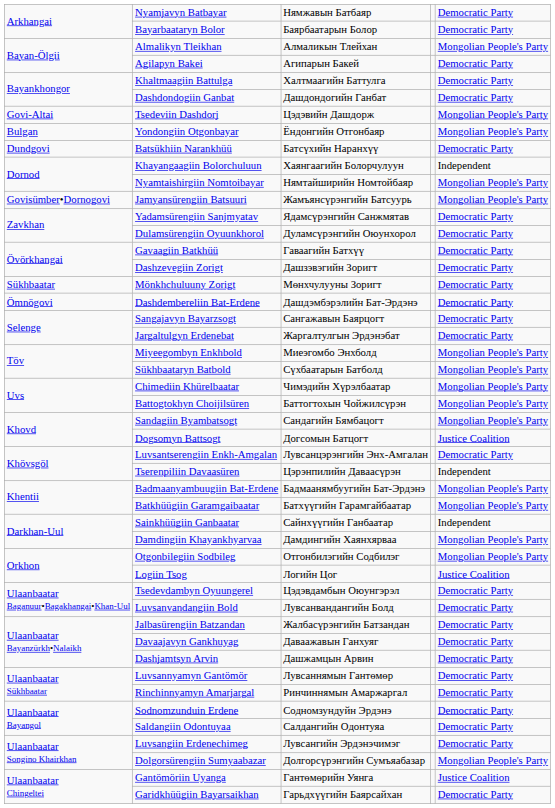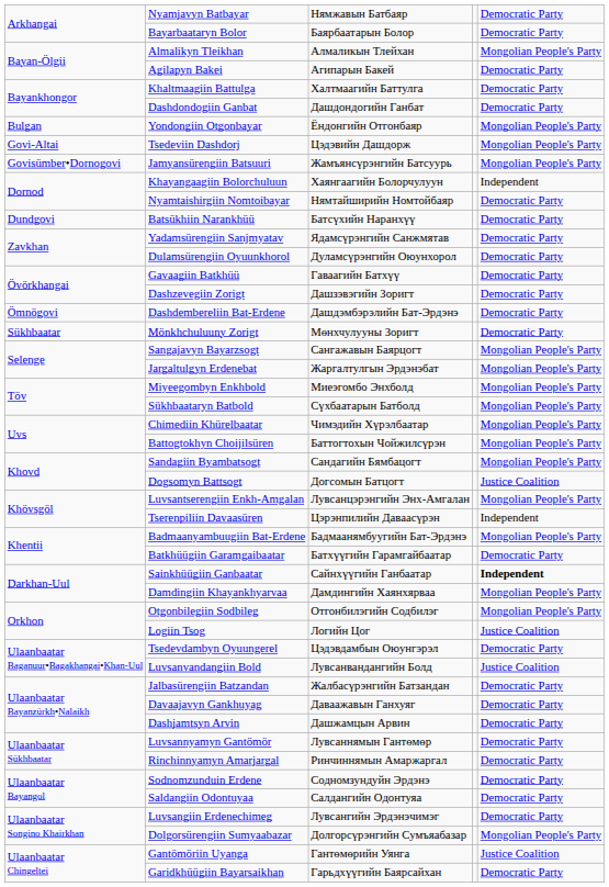 <table class="wikitable">
 <tr>
 <td rowspan=2><a href='#'>Arkhangai</a></td>
 <td><a href='#'>Nyamjavyn Batbayar</a></td>
 <td>Нямжавын Батбаяр</td>
 <td style="background-color: "></td>
 <td><a href='#'>Democratic Party</a></td>
 </tr>
 <tr>
 <td><a href='#'>Bayarbaataryn Bolor</a></td>
 <td>Баярбаатарын Болор</td>
 <td style="background-color: "></td>
 <td><a href='#'>Democratic Party</a></td>
 </tr>
 <tr>
 <td rowspan=2><a href='#'>Bayan-Ölgii</a></td>
 <td><a href='#'>Almalikyn Tleikhan</a></td>
 <td>Алмаликын Тлейхан</td>
 <td style="background-color: "></td>
 <td><a href='#'>Mongolian People's Party</a></td>
 </tr>
 <tr>
 <td><a href='#'>Agilapyn Bakei</a></td>
 <td>Агипарын Бакей</td>
 <td style="background-color: "></td>
 <td><a href='#'>Democratic Party</a></td>
 </tr>
 <tr>
 <td rowspan=2><a href='#'>Bayankhongor</a></td>
 <td><a href='#'>Khaltmaagiin Battulga</a></td>
 <td>Халтмаагийн Баттулга</td>
 <td style="background-color: "></td>
 <td><a href='#'>Democratic Party</a></td>
 </tr>
 <tr>
 <td><a href='#'>Dashdondogiin Ganbat</a></td>
 <td>Дашдондогийн Ганбат</td>
 <td style="background-color: "></td>
 <td><a href='#'>Democratic Party</a></td>
 </tr>
 <tr>
+<td rowspan=1><a href='#'>Bulgan</a></td>
+<td><a href='#'>Yondongiin Otgonbayar</a></td>
+<td>Ёндонгийн Отгонбаяр</td>
+<td style="background-color: "></td>
+<td><a href='#'>Mongolian People's Party</a></td>
+</tr>
+<tr>
 <td rowspan=1><a href='#'>Govi-Altai</a></td>
 <td><a href='#'>Tsedeviin Dashdorj</a></td>
 <td>Цэдэвийн Дашдорж</td>
 <td style="background-color: "></td>
 <td><a href='#'>Mongolian People's Party</a></td>
 </tr>
 <tr>
-<td rowspan=1><a href='#'>Bulgan</a></td>
-<td><a href='#'>Yondongiin Otgonbayar</a></td>
-<td>Ёндонгийн Отгонбаяр</td>
+<td rowspan=1><a href='#'>Govisümber</a>•<a href='#'>Dornogovi</a></td>
+<td><a href='#'>Jamyansürengiin Batsuuri</a></td>
+<td>Жамъянсүрэнгийн Батсуурь</td>
 <td style="background-color: "></td>
 <td><a href='#'>Mongolian People's Party</a></td>
-</tr>
-<tr>
-<td rowspan=1><a href='#'>Dundgovi</a></td>
-<td><a href='#'>Batsükhiin Narankhüü</a></td>
-<td>Батсүхийн Наранхүү</td>
-<td style="background-color: "></td>
-<td><a href='#'>Democratic Party</a></td>
 </tr>
 <tr>
 <td rowspan=2><a href='#'>Dornod</a></td>
 <td><a href='#'>Khayangaagiin Bolorchuluun</a></td>
 <td>Хаянгаагийн Болорчулуун</td>
 <td style="background-color: "></td>
 <td>Independent</td>
 </tr>
 <tr>
 <td><a href='#'>Nyamtaishirgiin Nomtoibayar</a></td>
 <td>Нямтайширийн Номтойбаяр</td>
 <td style="background-color: "></td>
-<td><a href='#'>Mongolian People's Party</a></td>
+<td><a href='#'>Democratic Party</a></td>
 </tr>
 <tr>
-<td rowspan=1><a href='#'>Govisümber</a>•<a href='#'>Dornogovi</a></td>
-<td><a href='#'>Jamyansürengiin Batsuuri</a></td>
-<td>Жамъянсүрэнгийн Батсуурь</td>
+<td rowspan=1><a href='#'>Dundgovi</a></td>
+<td><a href='#'>Batsükhiin Narankhüü</a></td>
+<td>Батсүхийн Наранхүү</td>
 <td style="background-color: "></td>
-<td><a href='#'>Mongolian People's Party</a></td>
+<td><a href='#'>Democratic Party</a></td>
 </tr>
 <tr>
 <td rowspan=2><a href='#'>Zavkhan</a></td>
 <td><a href='#'>Yadamsürengiin Sanjmyatav</a></td>
 <td>Ядамсүрэнгийн Санжмятав</td>
 <td style="background-color: "></td>
 <td><a href='#'>Democratic Party</a></td>
 </tr>
 <tr>
 <td><a href='#'>Dulamsürengiin Oyuunkhorol</a></td>
 <td>Дуламсүрэнгийн Оюунхорол</td>
 <td style="background-color: "></td>
 <td><a href='#'>Democratic Party</a></td>
 </tr>
 <tr>
 <td rowspan=2><a href='#'>Övörkhangai</a></td>
 <td><a href='#'>Gavaagiin Batkhüü</a></td>
 <td>Гаваагийн Батхүү</td>
 <td style="background-color: "></td>
 <td><a href='#'>Democratic Party</a></td>
 </tr>
 <tr>
 <td><a href='#'>Dashzevegiin Zorigt</a></td>
 <td>Дашзэвэгийн Зоригт</td>
 <td style="background-color: "></td>
 <td><a href='#'>Democratic Party</a></td>
 </tr>
 <tr>
-<td rowspan=1><a href='#'>Sükhbaatar</a></td>
-<td><a href='#'>Mönkhchuluuny Zorigt</a></td>
-<td>Мөнхчулууны Зоригт</td>
+<td rowspan=1><a href='#'>Ömnögovi</a></td>
+<td><a href='#'>Dashdembereliin Bat-Erdene</a></td>
+<td>Дашдэмбэрэлийн Бат-Эрдэнэ</td>
 <td style="background-color: "></td>
 <td><a href='#'>Democratic Party</a></td>
 </tr>
 <tr>
-<td rowspan=1><a href='#'>Ömnögovi</a></td>
-<td><a href='#'>Dashdembereliin Bat-Erdene</a></td>
-<td>Дашдэмбэрэлийн Бат-Эрдэнэ</td>
+<td rowspan=1><a href='#'>Sükhbaatar</a></td>
+<td><a href='#'>Mönkhchuluuny Zorigt</a></td>
+<td>Мөнхчулууны Зоригт</td>
 <td style="background-color: "></td>
 <td><a href='#'>Democratic Party</a></td>
 </tr>
 <tr>
 <td rowspan=2><a href='#'>Selenge</a></td>
 <td><a href='#'>Sangajavyn Bayarzsogt</a></td>
 <td>Сангажавын Баярцогт</td>
 <td style="background-color: "></td>
-<td><a href='#'>Democratic Party</a></td>
+<td><a href='#'>Mongolian People's Party</a></td>
 </tr>
 <tr>
 <td><a href='#'>Jargaltulgyn Erdenebat</a></td>
 <td>Жаргалтулгын Эрдэнэбат</td>
 <td style="background-color: "></td>
-<td><a href='#'>Democratic Party</a></td>
+<td><a href='#'>Mongolian People's Party</a></td>
 </tr>
 <tr>
 <td rowspan=2><a href='#'>Töv</a></td>
 <td><a href='#'>Miyeegombyn Enkhbold</a></td>
 <td>Миеэгомбо Энхболд</td>
 <td style="background-color: "></td>
 <td><a href='#'>Mongolian People's Party</a></td>
 </tr>
 <tr>
 <td><a href='#'>Sükhbaataryn Batbold</a></td>
 <td>Сүхбаатарын Батболд</td>
 <td style="background-color: "></td>
 <td><a href='#'>Mongolian People's Party</a></td>
 </tr>
 <tr>
 <td rowspan=2><a href='#'>Uvs</a></td>
 <td><a href='#'>Chimediin Khürelbaatar</a></td>
 <td>Чимэдийн Хүрэлбаатар</td>
 <td style="background-color: "></td>
 <td><a href='#'>Mongolian People's Party</a></td>
 </tr>
 <tr>
 <td><a href='#'>Battogtokhyn Choijilsüren</a></td>
 <td>Баттогтохын Чойжилсүрэн</td>
 <td style="background-color: "></td>
 <td><a href='#'>Mongolian People's Party</a></td>
 </tr>
 <tr>
 <td rowspan=2><a href='#'>Khovd</a></td>
 <td><a href='#'>Sandagiin Byambatsogt</a></td>
 <td>Сандагийн Бямбацогт</td>
 <td style="background-color: "></td>
 <td><a href='#'>Mongolian People's Party</a></td>
 </tr>
 <tr>
 <td><a href='#'>Dogsomyn Battsogt</a></td>
 <td>Догсомын Батцогт</td>
 <td style="background-color: "></td>
 <td><a href='#'>Justice Coalition</a></td>
 </tr>
 <tr>
 <td rowspan=2><a href='#'>Khövsgöl</a></td>
 <td><a href='#'>Luvsantserengiin Enkh-Amgalan</a></td>
 <td>Лувсанцэрэнгийн Энх-Амгалан</td>
 <td style="background-color: "></td>
-<td><a href='#'>Democratic Party</a></td>
+<td><a href='#'>Mongolian People's Party</a></td>
 </tr>
 <tr>
 <td><a href='#'>Tserenpiliin Davaasüren</a></td>
 <td>Цэрэнпилийн Даваасүрэн</td>
 <td style="background-color: "></td>
 <td>Independent</td>
 </tr>
 <tr>
 <td rowspan=2><a href='#'>Khentii</a></td>
 <td><a href='#'>Badmaanyambuugiin Bat-Erdene</a></td>
 <td>Бадмаанямбуугийн Бат-Эрдэнэ</td>
 <td style="background-color: "></td>
 <td><a href='#'>Mongolian People's Party</a></td>
 </tr>
 <tr>
 <td><a href='#'>Batkhüügiin Garamgaibaatar</a></td>
 <td>Батхүүгийн Гарамгайбаатар</td>
 <td style="background-color: "></td>
-<td><a href='#'>Mongolian People's Party</a></td>
+<td><a href='#'>Democratic Party</a></td>
 </tr>
 <tr>
 <td rowspan=2><a href='#'>Darkhan-Uul</a></td>
 <td><a href='#'>Sainkhüügiin Ganbaatar</a></td>
 <td>Сайнхүүгийн Ганбаатар</td>
 <td style="background-color: "></td>
-<td>Independent</td>
+<td><strong>Independent</strong></td>
 </tr>
 <tr>
 <td><a href='#'>Damdingiin Khayankhyarvaa</a></td>
 <td>Дамдингийн Хаянхярваа</td>
 <td style="background-color: "></td>
 <td><a href='#'>Mongolian People's Party</a></td>
 </tr>
 <tr>
 <td rowspan=2><a href='#'>Orkhon</a></td>
 <td><a href='#'>Otgonbilegiin Sodbileg</a></td>
 <td>Отгонбилэгийн Содбилэг</td>
 <td style="background-color: "></td>
 <td><a href='#'>Mongolian People's Party</a></td>
 </tr>
 <tr>
 <td><a href='#'>Logiin Tsog</a></td>
 <td>Логийн Цог</td>
 <td style="background-color: "></td>
 <td><a href='#'>Justice Coalition</a></td>
 </tr>
 <tr>
 <td rowspan=2><a href='#'>Ulaanbaatar</a><br><small><a href='#'>Baganuur</a>•<a href='#'>Bagakhangai</a>•<a href='#'>Khan-Uul</a></small></td>
 <td><a href='#'>Tsedevdambyn Oyuungerel</a></td>
 <td>Цэдэвдамбын Оюунгэрэл</td>
 <td style="background-color: "></td>
 <td><a href='#'>Democratic Party</a></td>
 </tr>
 <tr>
 <td><a href='#'>Luvsanvandangiin Bold</a></td>
 <td>Лувсанвандангийн Болд</td>
 <td style="background-color: "></td>
-<td><a href='#'>Democratic Party</a></td>
+<td><a href='#'>Justice Coalition</a></td>
 </tr>
 <tr>
 <td rowspan=3><a href='#'>Ulaanbaatar</a><br><small><a href='#'>Bayanzürkh</a>•<a href='#'>Nalaikh</a></small></td>
 <td><a href='#'>Jalbasürengiin Batzandan</a></td>
 <td>Жалбасүрэнгийн Батзандан</td>
 <td style="background-color: "></td>
 <td><a href='#'>Democratic Party</a></td>
 </tr>
 <tr>
 <td><a href='#'>Davaajavyn Gankhuyag</a></td>
 <td>Даваажавын Ганхуяг</td>
 <td style="background-color: "></td>
 <td><a href='#'>Democratic Party</a></td>
 </tr>
 <tr>
 <td><a href='#'>Dashjamtsyn Arvin</a></td>
 <td>Дашжамцын Арвин</td>
 <td style="background-color: "></td>
 <td><a href='#'>Democratic Party</a></td>
 </tr>
 <tr>
 <td rowspan=2><a href='#'>Ulaanbaatar</a><br><small><a href='#'>Sükhbaatar</a></small></td>
 <td><a href='#'>Luvsannyamyn Gantömör</a></td>
 <td>Лувсаннямын Гантөмөр</td>
 <td style="background-color: "></td>
 <td><a href='#'>Democratic Party</a></td>
 </tr>
 <tr>
 <td><a href='#'>Rinchinnyamyn Amarjargal</a></td>
 <td>Ринчиннямын Амаржаргал</td>
 <td style="background-color: "></td>
 <td><a href='#'>Democratic Party</a></td>
 </tr>
 <tr>
 <td rowspan=2><a href='#'>Ulaanbaatar</a><br><small><a href='#'>Bayangol</a></small></td>
 <td><a href='#'>Sodnomzunduin Erdene</a></td>
 <td>Содномзундуйн Эрдэнэ</td>
 <td style="background-color: "></td>
 <td><a href='#'>Democratic Party</a></td>
 </tr>
 <tr>
 <td><a href='#'>Saldangiin Odontuyaa</a></td>
 <td>Салдангийн Одонтуяа</td>
 <td style="background-color: "></td>
 <td><a href='#'>Democratic Party</a></td>
 </tr>
 <tr>
 <td rowspan=2><a href='#'>Ulaanbaatar</a><br><small><a href='#'>Songino Khairkhan</a></small></td>
 <td><a href='#'>Luvsangiin Erdenechimeg</a></td>
 <td>Лувсангийн Эрдэнэчимэг</td>
 <td style="background-color: "></td>
 <td><a href='#'>Democratic Party</a></td>
 </tr>
 <tr>
 <td><a href='#'>Dolgorsürengiin Sumyaabazar</a></td>
 <td>Долгорсүрэнгийн Сумъяабазар</td>
 <td style="background-color: "></td>
 <td><a href='#'>Mongolian People's Party</a></td>
 </tr>
 <tr>
 <td rowspan=2><a href='#'>Ulaanbaatar</a><br><small><a href='#'>Chingeltei</a></small></td>
 <td><a href='#'>Gantömöriin Uyanga</a></td>
 <td>Гантөмөрийн Уянга</td>
 <td style="background-color: "></td>
 <td><a href='#'>Justice Coalition</a></td>
 </tr>
 <tr>
 <td><a href='#'>Garidkhüügiin Bayarsaikhan</a></td>
 <td>Гарьдхүүгийн Баярсайхан</td>
 <td style="background-color: "></td>
 <td><a href='#'>Democratic Party</a></td>
 </tr>
 </table>
